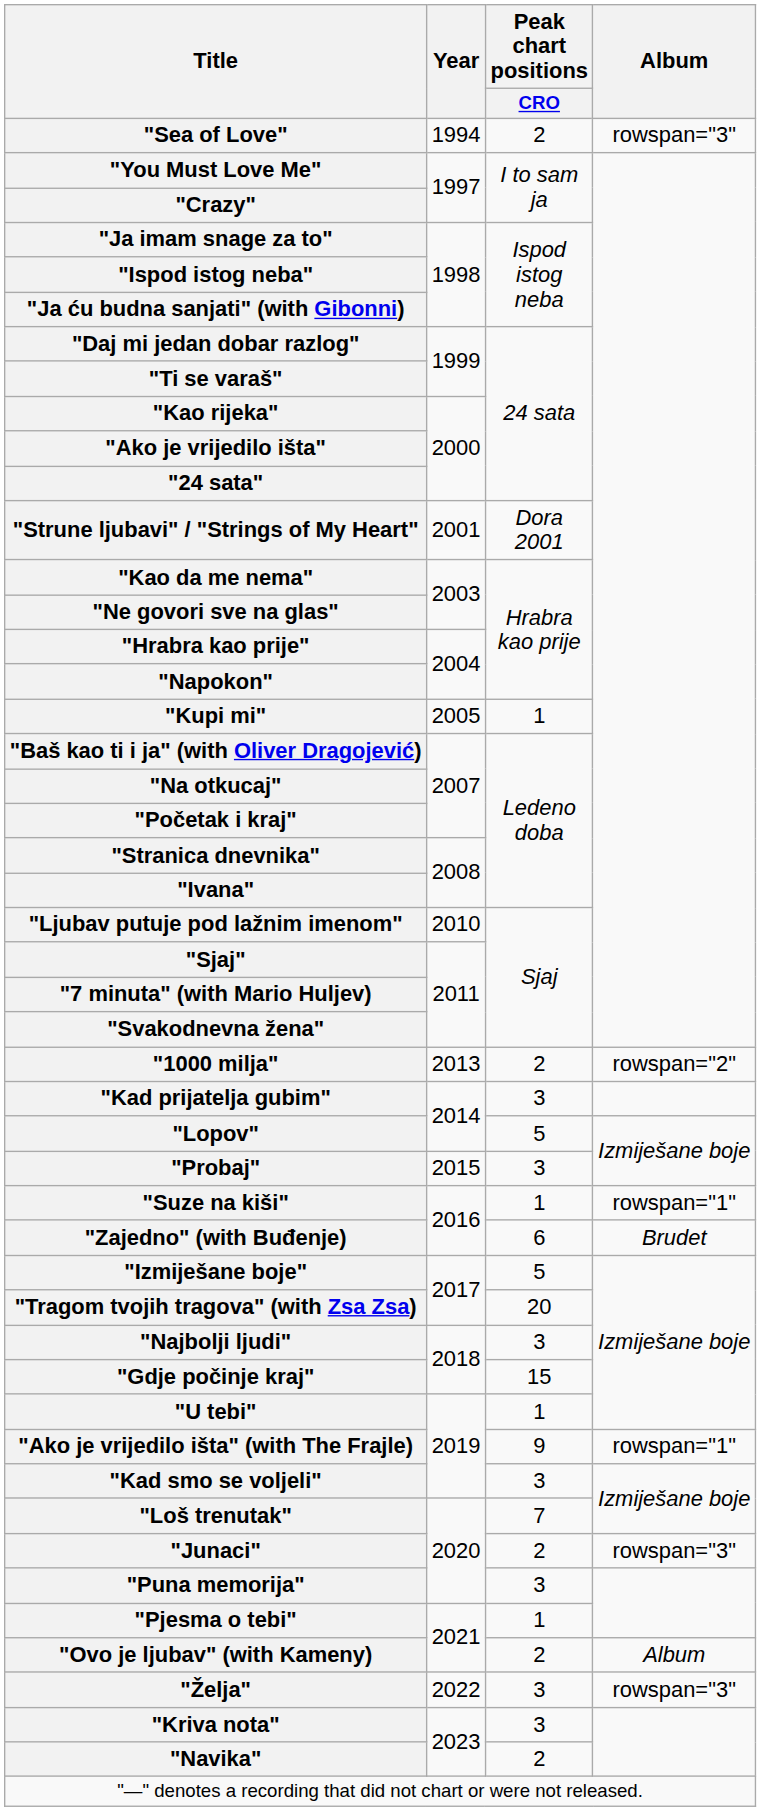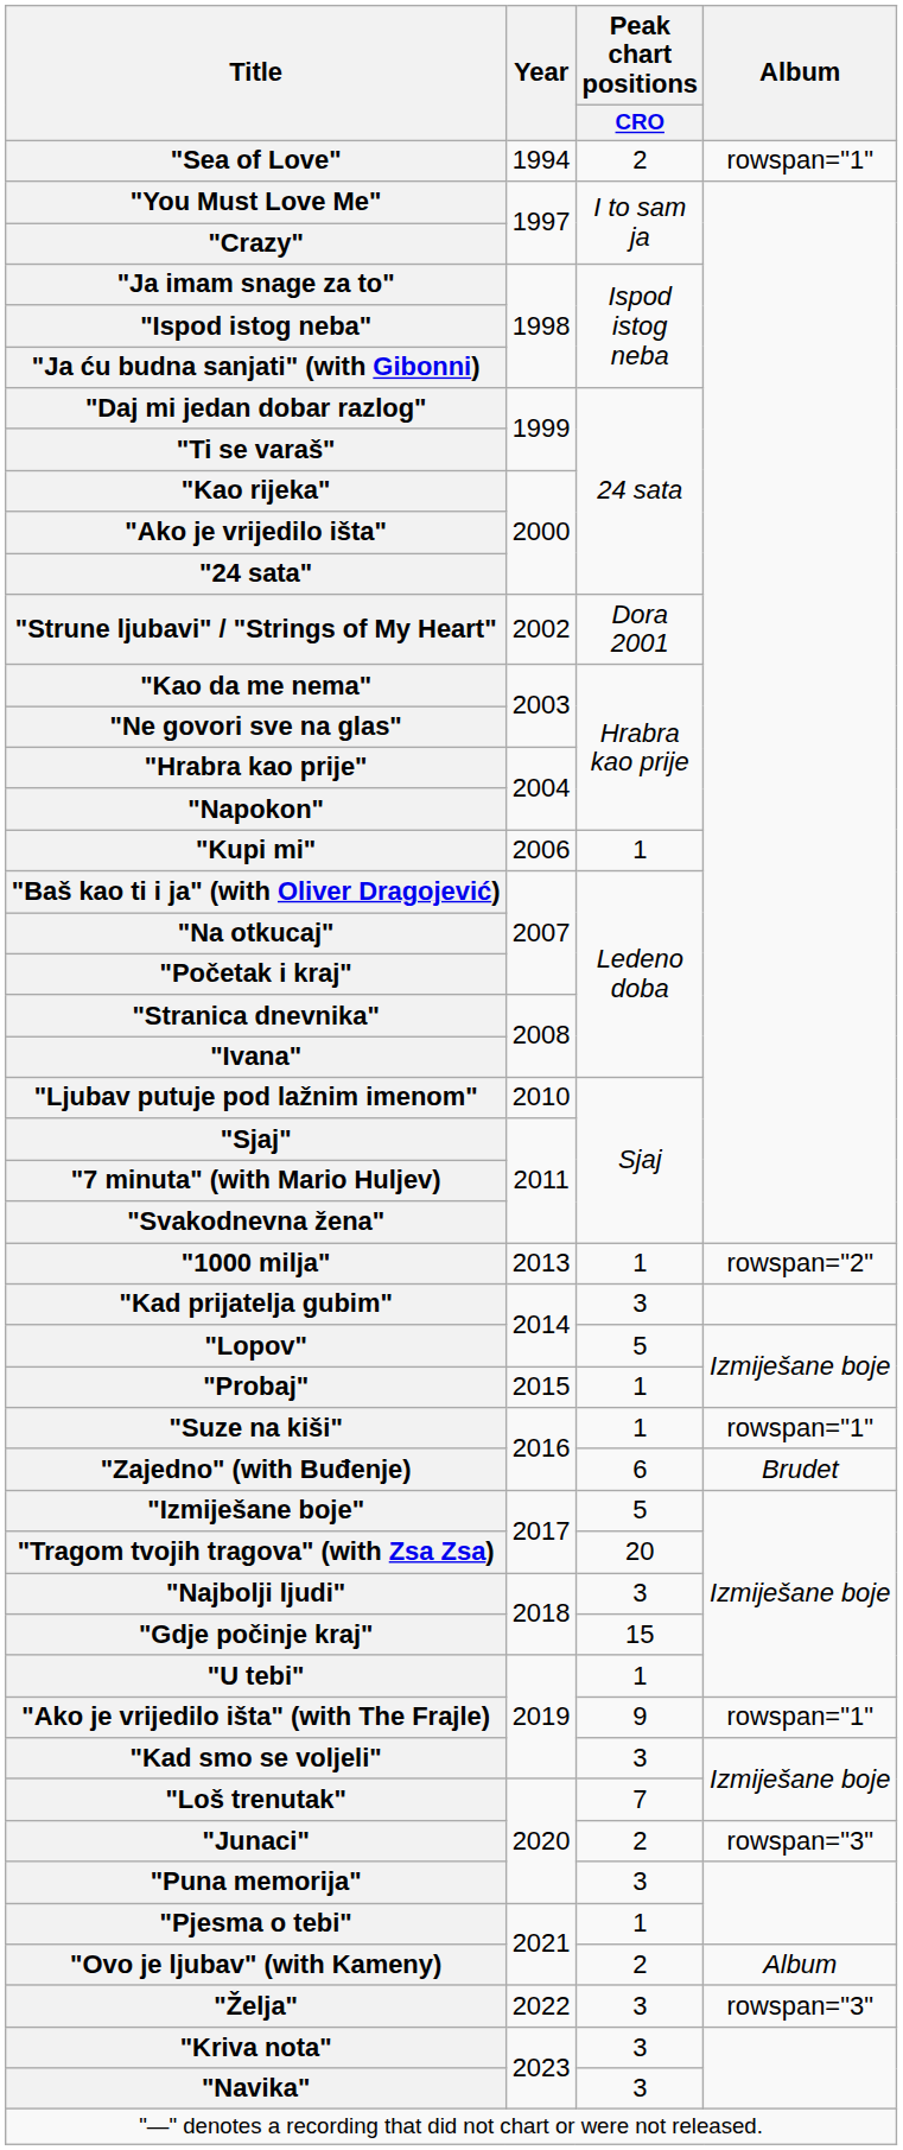 <table class="wikitable plainrowheaders" style="text-align:center;">
 <tr>
 <th scope="col" rowspan="2">Title</th>
 <th scope="col" rowspan="2">Year</th>
 <th scope="col" colspan="1">Peak chart positions</th>
 <th scope="col" rowspan="2">Album</th>
 </tr>
 <tr>
 <th scope="col" style="width:3em;font-size:85%;"><a href='#'>CRO</a><br></th>
 </tr>
 <tr>
 <th scope="row">"Sea of Love"</th>
 <td>1994</td>
 <td>2</td>
-<td>rowspan="3" </td>
+<td>rowspan="1" </td>
 </tr>
 <tr>
 <th scope="row">"You Must Love Me"</th>
 <td rowspan="2">1997</td>
 <td rowspan="2"><em>I to sam ja</em></td>
 </tr>
 <tr>
 <th scope="row">"Crazy"</th>
 </tr>
 <tr>
 <th scope="row">"Ja imam snage za to"</th>
 <td rowspan="3">1998</td>
 <td rowspan="3"><em>Ispod istog neba</em></td>
 </tr>
 <tr>
 <th scope="row">"Ispod istog neba"</th>
 </tr>
 <tr>
 <th scope="row">"Ja ću budna sanjati" <span>(with <a href='#'>Gibonni</a>)</span></th>
 </tr>
 <tr>
 <th scope="row">"Daj mi jedan dobar razlog"</th>
 <td rowspan="2">1999</td>
 <td rowspan="5"><em>24 sata</em></td>
 </tr>
 <tr>
 <th scope="row">"Ti se varaš"</th>
 </tr>
 <tr>
 <th scope="row">"Kao rijeka"</th>
 <td rowspan="3">2000</td>
 </tr>
 <tr>
 <th scope="row">"Ako je vrijedilo išta"</th>
 </tr>
 <tr>
 <th scope="row">"24 sata"</th>
 </tr>
 <tr>
 <th scope="row">"Strune ljubavi" / "Strings of My Heart"</th>
-<td>2001</td>
+<td>2002</td>
 <td><em>Dora 2001</em></td>
 </tr>
 <tr>
 <th scope="row">"Kao da me nema"</th>
 <td rowspan="2">2003</td>
 <td rowspan="4"><em>Hrabra kao prije</em></td>
 </tr>
 <tr>
 <th scope="row">"Ne govori sve na glas"</th>
 </tr>
 <tr>
 <th scope="row">"Hrabra kao prije"</th>
 <td rowspan="2">2004</td>
 </tr>
 <tr>
 <th scope="row">"Napokon"</th>
 </tr>
 <tr>
 <th scope="row">"Kupi mi"</th>
-<td>2005</td>
+<td>2006</td>
 <td>1</td>
 </tr>
 <tr>
 <th scope="row">"Baš kao ti i ja" <span>(with <a href='#'>Oliver Dragojević</a>)</span></th>
 <td rowspan="3">2007</td>
 <td rowspan="5"><em>Ledeno doba</em></td>
 </tr>
 <tr>
 <th scope="row">"Na otkucaj"</th>
 </tr>
 <tr>
 <th scope="row">"Početak i kraj"</th>
 </tr>
 <tr>
 <th scope="row">"Stranica dnevnika"</th>
 <td rowspan="2">2008</td>
 </tr>
 <tr>
 <th scope="row">"Ivana"</th>
 </tr>
 <tr>
 <th scope="row">"Ljubav putuje pod lažnim imenom"</th>
 <td>2010</td>
 <td rowspan="4"><em>Sjaj</em></td>
 </tr>
 <tr>
 <th scope="row">"Sjaj"</th>
 <td rowspan="3">2011</td>
 </tr>
 <tr>
 <th scope="row">"7 minuta" <span>(with Mario Huljev)</span></th>
 </tr>
 <tr>
 <th scope="row">"Svakodnevna žena"</th>
 </tr>
 <tr>
 <th scope="row">"1000 milja"</th>
 <td>2013</td>
-<td>2</td>
+<td>1</td>
 <td>rowspan="2" </td>
 </tr>
 <tr>
 <th scope="row">"Kad prijatelja gubim"</th>
 <td rowspan="2">2014</td>
 <td>3</td>
 </tr>
 <tr>
 <th scope="row">"Lopov"</th>
 <td>5</td>
 <td rowspan="2"><em>Izmiješane boje</em></td>
 </tr>
 <tr>
 <th scope="row">"Probaj"</th>
 <td>2015</td>
-<td>3</td>
+<td>1</td>
 </tr>
 <tr>
 <th scope="row">"Suze na kiši"</th>
 <td rowspan="2">2016</td>
 <td>1</td>
 <td>rowspan="1" </td>
 </tr>
 <tr>
 <th scope="row">"Zajedno" <span>(with Buđenje)</span></th>
 <td>6</td>
 <td><em>Brudet</em></td>
 </tr>
 <tr>
 <th scope="row">"Izmiješane boje"</th>
 <td rowspan="2">2017</td>
 <td>5</td>
 <td rowspan="5"><em>Izmiješane boje</em></td>
 </tr>
 <tr>
 <th scope="row">"Tragom tvojih tragova" <span>(with <a href='#'>Zsa Zsa</a>)</span></th>
 <td>20</td>
 </tr>
 <tr>
 <th scope="row">"Najbolji ljudi"</th>
 <td rowspan="2">2018</td>
 <td>3</td>
 </tr>
 <tr>
 <th scope="row">"Gdje počinje kraj"</th>
 <td>15</td>
 </tr>
 <tr>
 <th scope="row">"U tebi"</th>
 <td rowspan="3">2019</td>
 <td>1</td>
 </tr>
 <tr>
 <th scope="row">"Ako je vrijedilo išta" <span>(with The Frajle)</span></th>
 <td>9</td>
 <td>rowspan="1" </td>
 </tr>
 <tr>
 <th scope="row">"Kad smo se voljeli"</th>
 <td>3</td>
 <td rowspan="2"><em>Izmiješane boje</em></td>
 </tr>
 <tr>
 <th scope="row">"Loš trenutak"</th>
 <td rowspan="3">2020</td>
 <td>7</td>
 </tr>
 <tr>
 <th scope="row">"Junaci"</th>
 <td>2</td>
 <td>rowspan="3" </td>
 </tr>
 <tr>
 <th scope="row">"Puna memorija"</th>
 <td>3</td>
 </tr>
 <tr>
 <th scope="row">"Pjesma o tebi"</th>
 <td rowspan="2">2021</td>
 <td>1</td>
 </tr>
 <tr>
 <th scope="row">"Ovo je ljubav" <span>(with Kameny)</span></th>
 <td>2</td>
 <td><em>Album</em></td>
 </tr>
 <tr>
 <th scope="row">"Želja"</th>
 <td>2022</td>
 <td>3</td>
 <td>rowspan="3" </td>
 </tr>
 <tr>
 <th scope="row">"Kriva nota"</th>
 <td rowspan="2">2023</td>
 <td>3</td>
 </tr>
 <tr>
 <th scope="row">"Navika"</th>
-<td>2</td>
+<td>3</td>
 </tr>
 <tr>
 <td colspan="20" style="text-align:center; font-size:85%;">"—" denotes a recording that did not chart or were not released.</td>
 </tr>
 </table>
